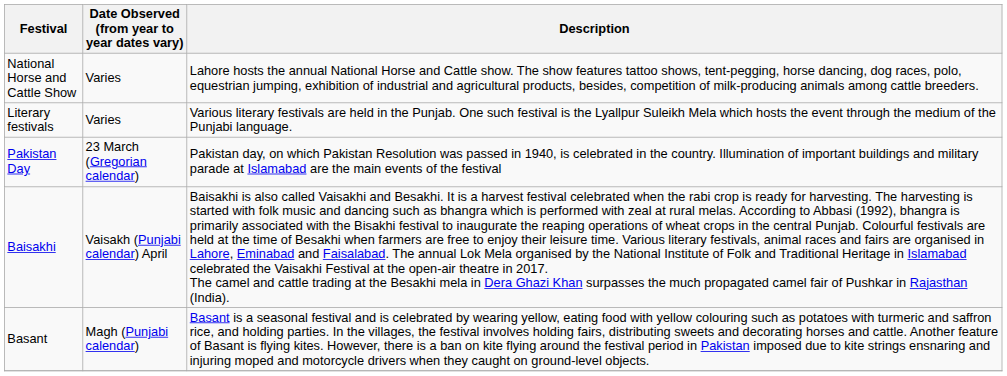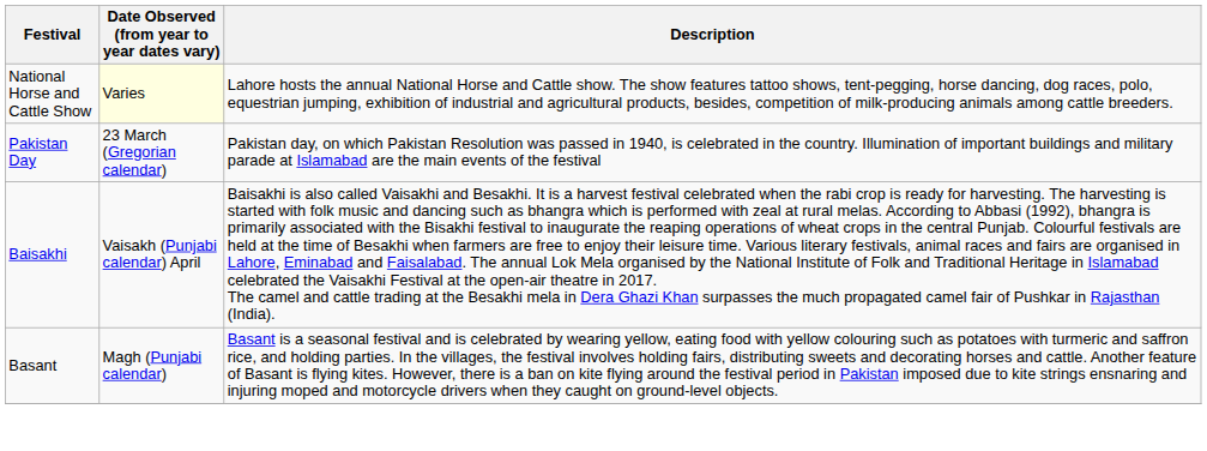 <table class="wikitable sortable plainlinks">
 <tr>
 <th>Festival</th>
 <th>Date Observed (from year to year dates vary)</th>
 <th>Description</th>
 </tr>
 <tr ->
 <td>National Horse and Cattle Show</td>
-<td>Varies</td>
+<td style="background: lightyellow;">Varies</td>
 <td>Lahore hosts the annual National Horse and Cattle show. The show features tattoo shows, tent-pegging, horse dancing, dog races, polo, equestrian jumping, exhibition of industrial and agricultural products, besides, competition of milk-producing animals among cattle breeders.</td>
-</tr>
-<tr ->
-<td>Literary festivals</td>
-<td>Varies</td>
-<td>Various literary festivals are held in the Punjab. One such festival is the Lyallpur Suleikh Mela which hosts the event through the medium of the Punjabi language.</td>
 </tr>
 <tr ->
 <td><a href='#'>Pakistan Day</a></td>
 <td>23 March (<a href='#'>Gregorian calendar</a>)</td>
 <td> Pakistan day, on which Pakistan Resolution was passed in 1940, is celebrated in the country.  Illumination of important buildings and military parade at <a href='#'>Islamabad</a> are the main events of the festival<br> </td>
 </tr>
 <tr ->
 <td><a href='#'>Baisakhi</a></td>
 <td>Vaisakh (<a href='#'>Punjabi calendar</a>) April</td>
 <td>Baisakhi is also called Vaisakhi and Besakhi. It is a harvest festival celebrated when the rabi crop is ready for harvesting. The harvesting is started with folk music and dancing such as bhangra which is performed with zeal at rural melas. According to Abbasi (1992), bhangra is primarily associated with the Bisakhi festival to inaugurate the reaping operations of wheat crops in the central Punjab. Colourful festivals are held at the time of Besakhi when farmers are free to enjoy their leisure time. Various literary festivals, animal races and fairs are organised in <a href='#'>Lahore</a>, <a href='#'>Eminabad</a> and <a href='#'>Faisalabad</a>. The annual Lok Mela organised by the National Institute of Folk and Traditional Heritage in <a href='#'>Islamabad</a> celebrated the Vaisakhi Festival at the open-air theatre in 2017.<br>The camel and cattle trading at the Besakhi mela in <a href='#'>Dera Ghazi Khan</a> surpasses the much propagated camel fair of Pushkar in <a href='#'>Rajasthan</a> (India).</td>
 </tr>
 <tr ->
 <td>Basant</td>
 <td>Magh (<a href='#'>Punjabi calendar</a>)</td>
 <td><a href='#'>Basant</a> is a seasonal festival and is celebrated by wearing yellow, eating food with yellow colouring such as potatoes with turmeric and saffron rice, and holding parties. In the villages, the festival involves holding fairs, distributing sweets and decorating horses and cattle. Another feature of Basant is flying kites. However, there is a ban on kite flying around the festival period in <a href='#'>Pakistan</a> imposed due to kite strings ensnaring and injuring moped and motorcycle drivers when they caught on ground-level objects.</td>
 </tr>
 <tr ->
 </tr>
 </table>
